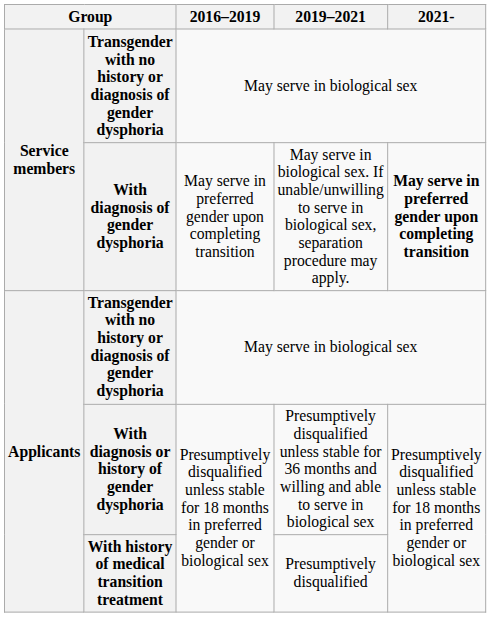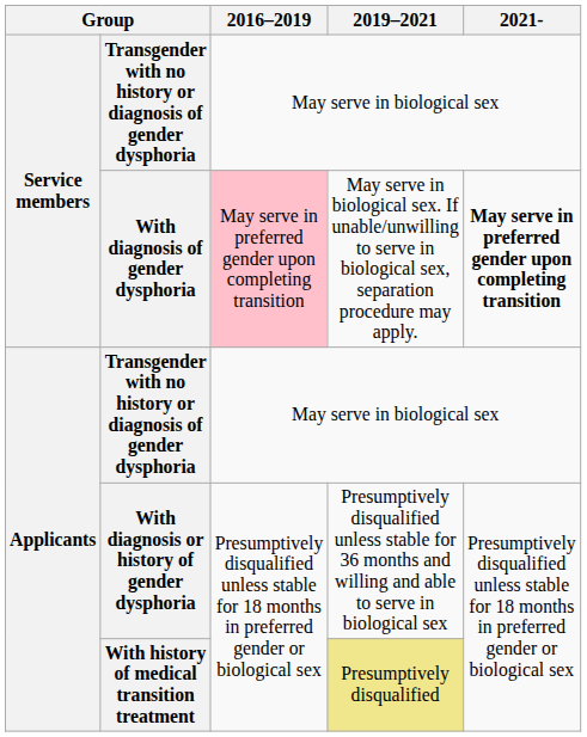 <table class="wikitable plainrowheaders" style="text-align:center;" width="60%">
 <tr>
 <th width="15%" colspan="2">Group</th>
 <th width="20%">2016–2019</th>
 <th width="20%">2019–2021</th>
 <th width="20%">2021-</th>
 </tr>
 <tr>
 <th rowspan="2">Service members</th>
 <th scope="row">Transgender with no history or diagnosis of gender dysphoria</th>
 <td colspan="3">May serve in biological sex</td>
 </tr>
 <tr>
 <th scope="row">With diagnosis of gender dysphoria</th>
-<td>May serve in preferred gender upon completing transition</td>
+<td style="background: pink;">May serve in preferred gender upon completing transition</td>
 <td>May serve in biological sex. If unable/unwilling to serve in biological sex, separation procedure may apply.</td>
 <td><strong>May serve in preferred gender upon completing transition</strong></td>
 </tr>
 <tr>
 <th rowspan="3">Applicants</th>
 <th scope="row">Transgender with no history or diagnosis of gender dysphoria</th>
 <td colspan="3">May serve in biological sex</td>
 </tr>
 <tr>
 <th scope="row">With diagnosis or history of gender dysphoria</th>
 <td rowspan="2">Presumptively disqualified unless stable for 18 months in preferred gender or biological sex</td>
 <td>Presumptively disqualified unless stable for 36 months and willing and able to serve in biological sex</td>
 <td rowspan="2">Presumptively disqualified unless stable for 18 months in preferred gender or biological sex</td>
 </tr>
 <tr>
 <th scope="row">With history of medical transition treatment</th>
-<td>Presumptively disqualified</td>
+<td style="background: khaki;">Presumptively disqualified</td>
 </tr>
 </table>
